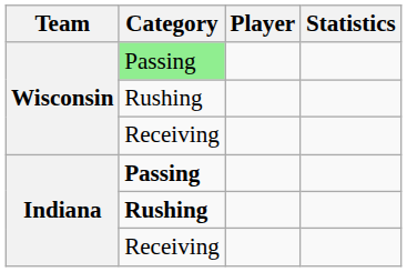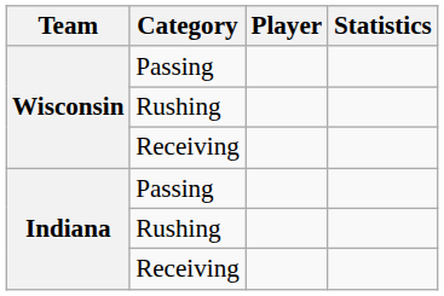 <table class="wikitable" style="float:right">
 <tr>
 <th>Team</th>
 <th>Category</th>
 <th>Player</th>
 <th>Statistics</th>
 </tr>
 <tr>
 <th rowspan=3>Wisconsin</th>
-<td style="background: lightgreen;">Passing</td>
+<td>Passing</td>
 <td></td>
 <td></td>
 </tr>
 <tr>
 <td>Rushing</td>
 <td></td>
 <td></td>
 </tr>
 <tr>
 <td>Receiving</td>
 <td></td>
 <td></td>
 </tr>
 <tr>
 <th rowspan=3>Indiana</th>
-<td><strong>Passing</strong></td>
+<td>Passing</td>
 <td></td>
 <td></td>
 </tr>
 <tr>
-<td><strong>Rushing</strong></td>
+<td>Rushing</td>
 <td></td>
 <td></td>
 </tr>
 <tr>
 <td>Receiving</td>
 <td></td>
 <td></td>
 </tr>
 </table>
